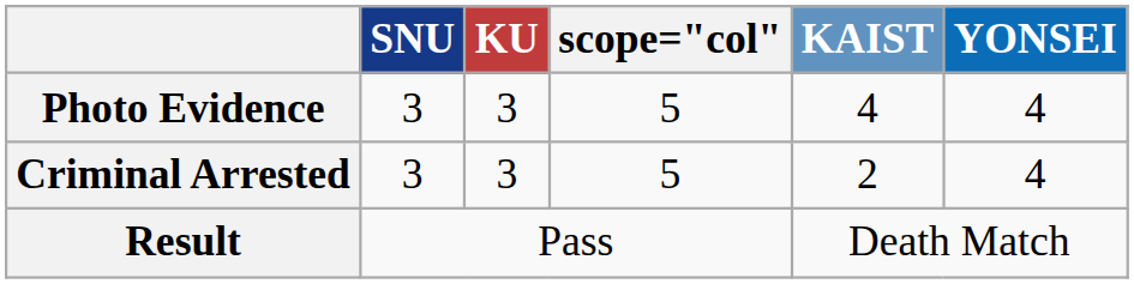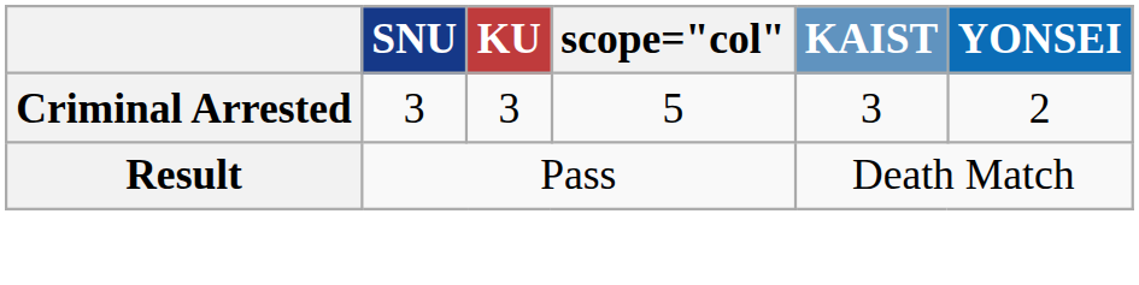 <table class="wikitable" style="text-align:center">
 <tr>
 <th scope="col"></th>
 <th scope="col" style="background-color:#153888; color:white">SNU</th>
 <th scope="col" style="background-color:#BF3B3C; color:white">KU</th>
 <th>scope="col"  </th>
 <th scope="col" style="background-color:#6093BF; color:white">KAIST</th>
 <th scope="col" style="background-color:#0B6DB7; color:white">YONSEI</th>
 </tr>
 <tr>
-<th scope="row">Photo Evidence</th>
-<td>3</td>
-<td>3</td>
-<td>5</td>
-<td>4</td>
-<td>4</td>
-</tr>
-<tr>
 <th scope="row">Criminal Arrested</th>
 <td>3</td>
 <td>3</td>
 <td>5</td>
+<td>3</td>
 <td>2</td>
-<td>4</td>
 </tr>
 <tr>
 <th scope="row">Result</th>
 <td colspan="3">Pass</td>
 <td colspan="2">Death Match</td>
 </tr>
 </table>
